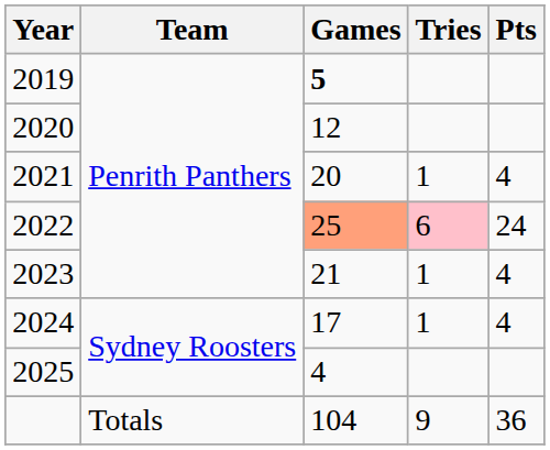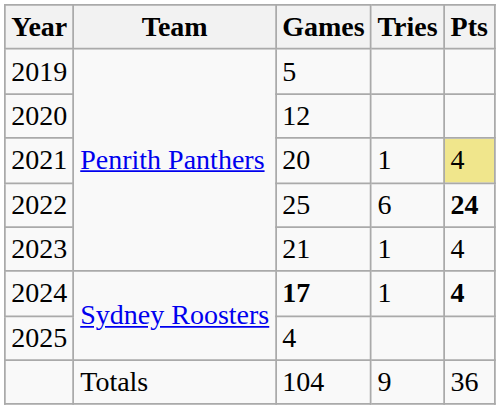 <table class="wikitable">
 <tr>
 <th>Year</th>
 <th>Team</th>
 <th>Games</th>
 <th>Tries</th>
 <th>Pts</th>
 </tr>
 <tr>
 <td>2019</td>
 <td rowspan="5"> <a href='#'>Penrith Panthers</a></td>
-<td><strong>5</strong></td>
+<td>5</td>
 <td></td>
 <td></td>
 </tr>
 <tr>
 <td>2020</td>
 <td>12</td>
 <td></td>
 <td></td>
 </tr>
 <tr>
 <td>2021</td>
 <td>20</td>
 <td>1</td>
-<td>4</td>
+<td style="background: khaki;">4</td>
 </tr>
 <tr>
 <td>2022</td>
-<td style="background: lightsalmon;">25</td>
-<td style="background: pink;">6</td>
-<td>24</td>
+<td>25</td>
+<td>6</td>
+<td><strong>24</strong></td>
 </tr>
 <tr>
 <td>2023</td>
 <td>21</td>
 <td>1</td>
 <td>4</td>
 </tr>
 <tr>
 <td>2024</td>
 <td rowspan="2"> <a href='#'>Sydney Roosters</a></td>
-<td>17</td>
+<td><strong>17</strong></td>
 <td>1</td>
-<td>4</td>
+<td><strong>4</strong></td>
 </tr>
 <tr>
 <td>2025</td>
 <td>4</td>
 <td></td>
 <td></td>
 </tr>
 <tr>
 <td></td>
 <td>Totals</td>
 <td>104</td>
 <td>9</td>
 <td>36</td>
 </tr>
 </table>
